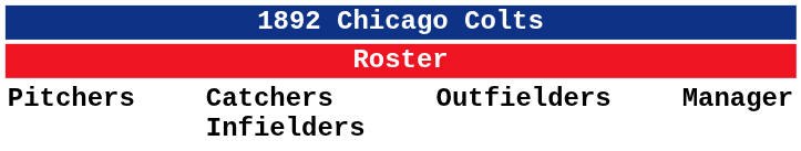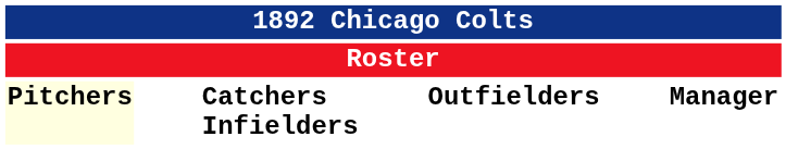 <table class="toccolours" style="font-size: 95%;">
 <tr>
 <th colspan="10" style="background-color: #0e3386; color: white; text-align: center;">1892 Chicago Colts</th>
 </tr>
 <tr>
 <td colspan="10" style="background-color: #EE1422; color: white; text-align: center;"><strong>Roster</strong></td>
 </tr>
 <tr>
-<td valign="top"><strong>Pitchers</strong><br>      </td>
+<td valign="top" style="background: lightyellow;"><strong>Pitchers</strong><br>      </td>
 <td width="25px"></td>
 <td valign="top"><strong>Catchers</strong><br>  <strong>Infielders</strong>       </td>
 <td width="25px"></td>
 <td valign="top"><strong>Outfielders</strong><br>    </td>
 <td width="25px"></td>
 <td valign="top"><strong>Manager</strong><br></td>
 </tr>
 <tr>
 </tr>
 </table>
